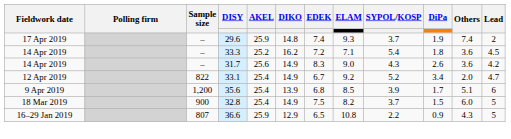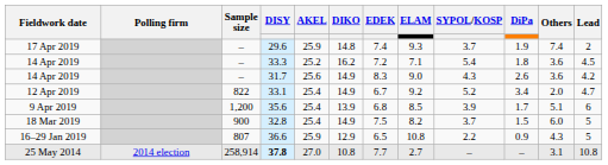 <table class="wikitable sortable" style="text-align:center;font-size:90%;line-height:14px;">
 <tr style="height:40px;">
 <th rowspan="2" style="width:125px;">Fieldwork date</th>
 <th rowspan="2" style="width:160px;">Polling firm</th>
 <th style="width:35px;" rowspan="2">Sample<br>size</th>
 <th class="unsortable" style="width:40px;"><a href='#'>DISY</a></th>
 <th class="unsortable" style="width:40px;"><a href='#'>AKEL</a></th>
 <th class="unsortable" style="width:40px;"><a href='#'>DIKO</a></th>
 <th class="unsortable" style="width:40px;"><a href='#'>EDEK</a></th>
 <th class="unsortable" style="width:40px;"><a href='#'>ELAM</a></th>
 <th class="unsortable" style="width:40px;"><a href='#'>SYPOL</a>/<a href='#'>KOSP</a></th>
 <th class="unsortable" style="width:40px;"><a href='#'>DiPa</a></th>
 <th class="unsortable" style="width:30px;" rowspan="2">Others</th>
 <th style="width:30px;" rowspan="2">Lead</th>
 </tr>
 <tr>
 <th style="background:"></th>
 <th style="background:"></th>
 <th style="background:"></th>
 <th style="background:"></th>
 <th style="background:black;"></th>
 <th style="background:"></th>
 <th style="background:#FF7E00;"></th>
 </tr>
 <tr>
 <td data-sort-value="2019-04-17">17 Apr 2019</td>
 <td style="background:lightgrey;"></td>
 <td>–</td>
 <td style="background:#D5EFFF;">29.6</td>
 <td>25.9</td>
 <td>14.8</td>
 <td>7.4</td>
 <td>9.3</td>
 <td>3.7</td>
 <td>1.9</td>
 <td>7.4</td>
 <td style="background:">2</td>
 </tr>
 <tr>
 <td data-sort-value="2019-04-14">14 Apr 2019</td>
 <td style="background:lightgrey;"></td>
 <td>–</td>
 <td style="background:#D5EFFF;">33.3</td>
 <td>25.2</td>
 <td>16.2</td>
 <td>7.2</td>
 <td>7.1</td>
 <td>5.4</td>
 <td>1.8</td>
 <td>3.6</td>
 <td style="background:">4.5</td>
 </tr>
 <tr>
 <td data-sort-value="2019-04-14">14 Αpr 2019</td>
 <td style="background:lightgrey;"></td>
 <td>–</td>
 <td style="background:#D5EFFF;">31.7</td>
 <td>25.6</td>
 <td>14.9</td>
 <td>8.3</td>
 <td>9.0</td>
 <td>4.3</td>
 <td>2.6</td>
 <td>3.6</td>
 <td style="background:">4.2</td>
 </tr>
 <tr>
 <td data-sort-value="2019-04-12">12 Apr 2019</td>
 <td style="background:lightgrey;"></td>
 <td>822</td>
 <td style="background:#D5EFFF;">33.1</td>
 <td>25.4</td>
 <td>14.9</td>
 <td>6.7</td>
 <td>9.2</td>
 <td>5.2</td>
 <td>3.4</td>
 <td>2.0</td>
 <td style="background:">4.7</td>
 </tr>
 <tr>
 <td data-sort-value="2019-04-09">9 Apr 2019</td>
 <td style="background:lightgrey;"></td>
 <td>1,200</td>
 <td style="background:#D5EFFF;">35.6</td>
 <td>25.4</td>
 <td>13.9</td>
 <td>6.8</td>
 <td>8.5</td>
 <td>3.9</td>
 <td>1.7</td>
 <td>5.1</td>
 <td style="background:">6</td>
 </tr>
 <tr>
 <td data-sort-value="2019-03-18">18 Mar 2019</td>
 <td style="background:lightgrey;"></td>
 <td>900</td>
 <td style="background:#D5EFFF;">32.8</td>
 <td>25.4</td>
 <td>14.9</td>
 <td>7.5</td>
 <td>8.2</td>
 <td>3.7</td>
 <td>1.5</td>
 <td>6.0</td>
 <td style="background:">5</td>
 </tr>
 <tr>
 <td data-sort-value="2019-02-21">16–29 Jan 2019</td>
 <td style="background:lightgrey;"></td>
 <td>807</td>
 <td style="background:#D5EFFF;">36.6</td>
 <td>25.9</td>
 <td>12.9</td>
 <td>6.5</td>
 <td>10.8</td>
 <td>2.2</td>
 <td>0.9</td>
 <td>4.3</td>
 <td style="background:">5</td>
 </tr>
+<tr style="background:#E9E9E9;">
+<td data-sort-value="2014-05-25">25 May 2014</td>
+<td><a href='#'>2014 election</a></td>
+<td>258,914</td>
+<td style="background:#D5EFFF;"><strong>37.8</strong></td>
+<td>27.0</td>
+<td>10.8</td>
+<td>7.7</td>
+<td>2.7</td>
+<td>–</td>
+<td>–</td>
+<td>3.1</td>
+<td style="background:">10.8</td>
+</tr>
 </table>
